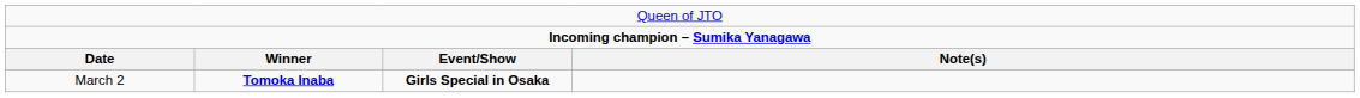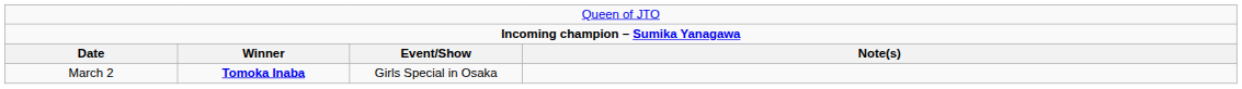 <table class="wikitable" style="text-align:center; width:100%;">
 <tr>
 <td colspan="4" style="text-align: center;"><a href='#'>Queen of JTO</a></td>
 </tr>
 <tr>
 <td colspan="4" style="text-align: center;"><strong>Incoming champion – <a href='#'>Sumika Yanagawa</a></strong></td>
 </tr>
 <tr>
 <th width=14%>Date</th>
 <th width=14%>Winner</th>
 <th width=14%>Event/Show</th>
 <th width=58%>Note(s)</th>
 </tr>
 <tr>
 <td>March 2</td>
 <td><strong><a href='#'>Tomoka Inaba</a></strong></td>
-<td><strong>Girls Special in Osaka</strong></td>
+<td>Girls Special in Osaka</td>
 <td></td>
 </tr>
 </table>
